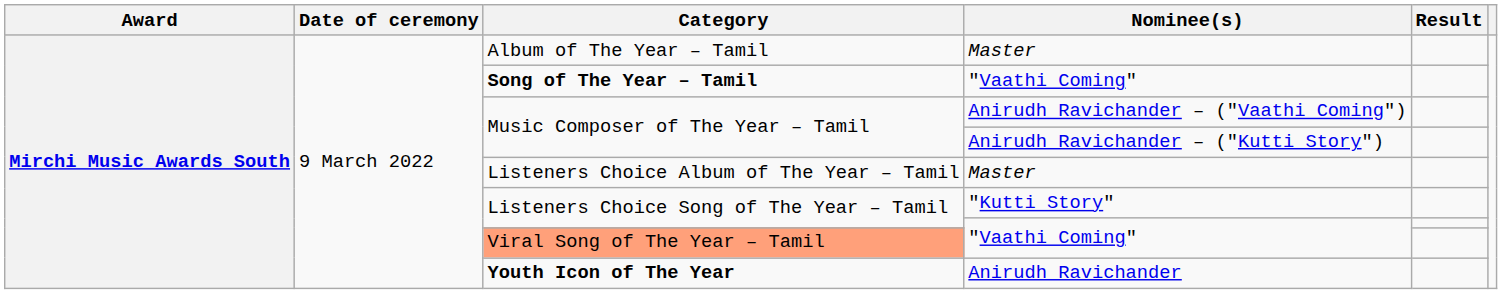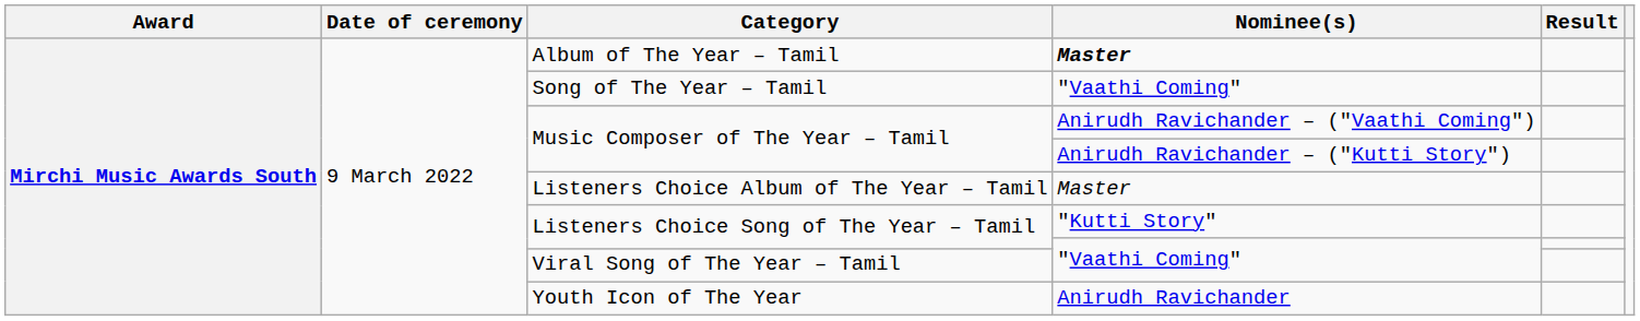 <table class="wikitable plainrowheaders sortable">
 <tr>
 <th scope="col">Award</th>
 <th scope="col">Date of ceremony</th>
 <th scope="col">Category</th>
 <th scope="col">Nominee(s)</th>
 <th scope="col">Result</th>
 <th scope="col" class="unsortable"></th>
 </tr>
 <tr>
 <th rowspan="9" scope="row"><a href='#'>Mirchi Music Awards South</a></th>
 <td rowspan="9">9 March 2022</td>
 <td>Album of The Year – Tamil</td>
-<td><em>Master</em></td>
+<td><strong><em>Master</em></strong></td>
 <td></td>
 <td style="text-align:center;" rowspan="9"></td>
 </tr>
 <tr>
-<td><strong>Song of The Year – Tamil</strong></td>
+<td>Song of The Year – Tamil</td>
 <td>"<a href='#'>Vaathi Coming</a>"</td>
 <td></td>
 </tr>
 <tr>
 <td rowspan="2">Music Composer of The Year – Tamil</td>
 <td><a href='#'>Anirudh Ravichander</a> – ("<a href='#'>Vaathi Coming</a>")</td>
 <td></td>
 </tr>
 <tr>
 <td><a href='#'>Anirudh Ravichander</a> – ("<a href='#'>Kutti Story</a>")</td>
 <td></td>
 </tr>
 <tr>
 <td>Listeners Choice Album of The Year – Tamil</td>
 <td><em>Master</em></td>
 <td></td>
 </tr>
 <tr>
 <td rowspan="2">Listeners Choice Song of The Year – Tamil</td>
 <td>"<a href='#'>Kutti Story</a>"</td>
 <td></td>
 </tr>
 <tr>
 <td rowspan="2">"<a href='#'>Vaathi Coming</a>"</td>
 <td></td>
 </tr>
 <tr>
-<td style="background: lightsalmon;">Viral Song of The Year – Tamil</td>
+<td>Viral Song of The Year – Tamil</td>
 <td></td>
 </tr>
 <tr>
-<td><strong>Youth Icon of The Year</strong></td>
+<td>Youth Icon of The Year</td>
 <td><a href='#'>Anirudh Ravichander</a></td>
 <td></td>
 </tr>
 </table>
